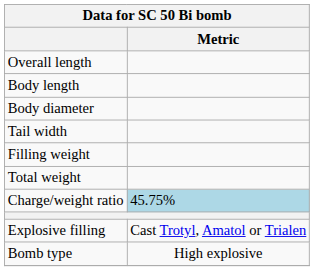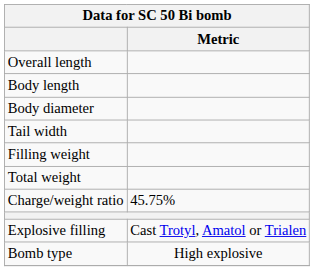 <table class="wikitable" style="margin-right: auto; margin-right: 0px;">
 <tr>
 <th colspan = "4">Data for <strong>SC 50 Bi</strong> bomb</th>
 </tr>
 <tr>
 <th colspan = "1"></th>
 <th colspan = "1">Metric</th>
 </tr>
 <tr>
 <td>Overall length</td>
 <td></td>
 </tr>
 <tr>
 <td>Body length</td>
 <td></td>
 </tr>
 <tr>
 <td>Body diameter</td>
 <td></td>
 </tr>
 <tr>
 <td>Tail width</td>
 <td></td>
 </tr>
 <tr>
 <td>Filling weight</td>
 <td></td>
 </tr>
 <tr>
 <td>Total weight</td>
 <td></td>
 </tr>
 <tr>
 <td>Charge/weight ratio</td>
-<td style="background: lightblue;">45.75%</td>
+<td>45.75%</td>
 </tr>
 <tr>
 <th colspan = "3"></th>
 </tr>
 <tr>
 <td>Explosive filling</td>
 <td colspan="2;" style="text-align:center;">Cast <a href='#'>Trotyl</a>, <a href='#'>Amatol</a> or <a href='#'>Trialen</a></td>
 </tr>
 <tr>
 <td>Bomb type</td>
 <td colspan="2;" style="text-align:center;">High explosive</td>
 </tr>
 <tr>
 </tr>
 </table>
